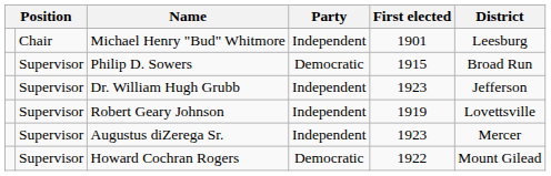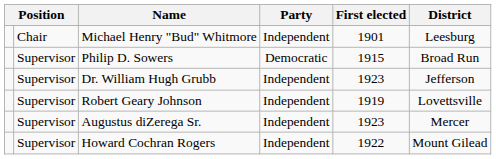 <table class="wikitable">
 <tr>
 <th colspan="2">Position</th>
 <th>Name</th>
 <th>Party</th>
 <th>First elected</th>
 <th>District</th>
 </tr>
 <tr>
 <td style="background-color:"> </td>
 <td>Chair</td>
 <td>Michael Henry "Bud" Whitmore</td>
 <td style="text-align:center;">Independent</td>
 <td style="text-align:center;">1901</td>
 <td style="text-align:center;">Leesburg</td>
 </tr>
 <tr>
 <td style="background-color:"> </td>
 <td>Supervisor</td>
 <td>Philip D. Sowers</td>
 <td style="text-align:center;">Democratic</td>
 <td style="text-align:center;">1915</td>
 <td style="text-align:center;">Broad Run</td>
 </tr>
 <tr>
 <td style="background-color:"> </td>
 <td>Supervisor</td>
 <td>Dr. William Hugh Grubb</td>
 <td style="text-align:center;">Independent</td>
 <td style="text-align:center;">1923</td>
 <td style="text-align:center;">Jefferson</td>
 </tr>
 <tr>
 <td style="background-color:"> </td>
 <td>Supervisor</td>
 <td>Robert Geary Johnson</td>
 <td style="text-align:center;">Independent</td>
 <td style="text-align:center;">1919</td>
 <td style="text-align:center;">Lovettsville</td>
 </tr>
 <tr>
 <td style="background-color:"> </td>
 <td>Supervisor</td>
 <td>Augustus diZerega Sr.</td>
 <td style="text-align:center;">Independent</td>
 <td style="text-align:center;">1923</td>
 <td style="text-align:center;">Mercer</td>
 </tr>
 <tr>
 <td style="background-color:"> </td>
 <td>Supervisor</td>
 <td>Howard Cochran Rogers</td>
-<td style="text-align:center;">Democratic</td>
+<td style="text-align:center;">Independent</td>
 <td style="text-align:center;">1922</td>
 <td style="text-align:center;">Mount Gilead</td>
 </tr>
 </table>
